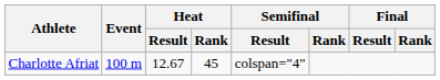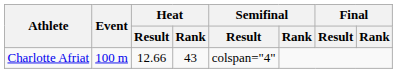 <table class="wikitable" style="font-size:90%">
 <tr>
 <th rowspan="2">Athlete</th>
 <th rowspan="2">Event</th>
 <th colspan="2">Heat</th>
 <th colspan="2">Semifinal</th>
 <th colspan="2">Final</th>
 </tr>
 <tr>
 <th>Result</th>
 <th>Rank</th>
 <th>Result</th>
 <th>Rank</th>
 <th>Result</th>
 <th>Rank</th>
 </tr>
 <tr style=text-align:center>
 <td style=text-align:left><a href='#'>Charlotte Afriat</a></td>
 <td style=text-align:left><a href='#'>100 m</a></td>
-<td>12.67</td>
-<td>45</td>
+<td>12.66</td>
+<td>43</td>
 <td>colspan="4" </td>
 </tr>
 </table>
